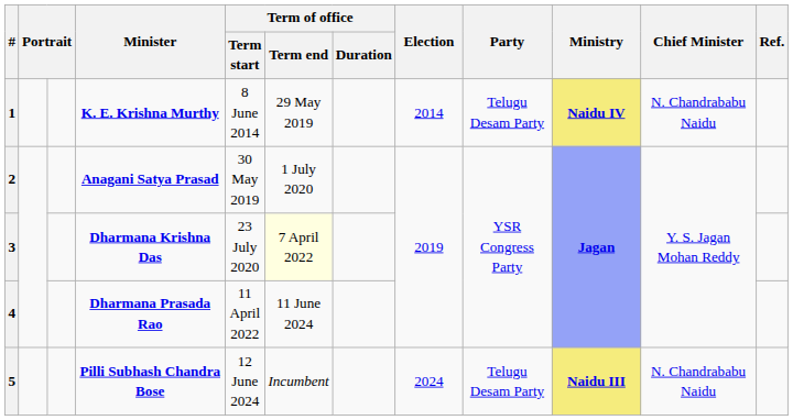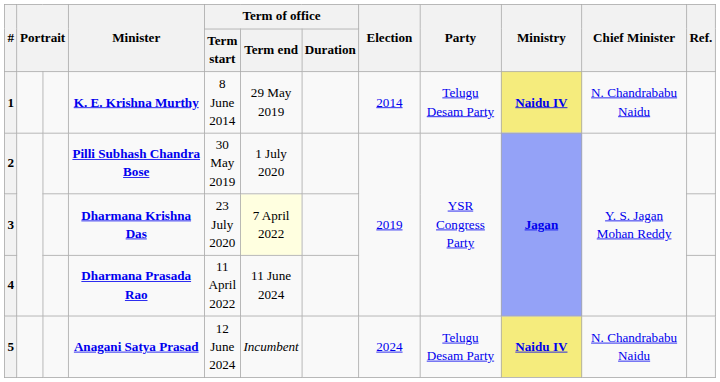 <table class="wikitable" style="line-height:1.4em; text-align:center">
 <tr>
 <th rowspan=2>#</th>
 <th rowspan=2 colspan="2">Portrait</th>
 <th rowspan=2 style="width:16em">Minister<br></th>
 <th colspan="3">Term of office</th>
 <th rowspan=2 style="width:5em">Election<br></th>
 <th rowspan=2 style="width:8em">Party</th>
 <th rowspan=2 style="width:8em">Ministry</th>
 <th rowspan=2 style="width:10em">Chief Minister</th>
 <th rowspan=2>Ref.</th>
 </tr>
 <tr>
 <th>Term start</th>
 <th>Term end</th>
 <th>Duration</th>
 </tr>
 <tr>
 <th>1</th>
 <td></td>
 <td></td>
 <td><strong><a href='#'>K. E. Krishna Murthy</a></strong><br></td>
 <td>8 June 2014</td>
 <td>29 May 2019</td>
 <td><strong></strong></td>
 <td><a href='#'>2014</a><br></td>
 <td><a href='#'>Telugu Desam Party</a></td>
 <td bgcolor="#F5EC7D"><strong><a href='#'>Naidu IV</a></strong></td>
 <td><a href='#'>N. Chandrababu Naidu</a></td>
 <td></td>
 </tr>
 <tr>
 <th>2</th>
 <td rowspan=3></td>
 <td></td>
-<td><strong><a href='#'>Anagani Satya Prasad</a></strong><br></td>
+<td><strong><a href='#'>Pilli Subhash Chandra Bose</a></strong><br></td>
 <td>30 May 2019</td>
 <td>1 July 2020</td>
 <td><strong></strong></td>
 <td rowspan=3><a href='#'>2019</a><br></td>
 <td rowspan="3"><a href='#'>YSR Congress Party</a></td>
 <td rowspan=3 bgcolor="#94A2F7"><strong><a href='#'>Jagan</a></strong></td>
 <td rowspan="3"><a href='#'>Y. S. Jagan Mohan Reddy</a></td>
 <td></td>
 </tr>
 <tr>
 <th>3</th>
 <td></td>
 <td><strong><a href='#'>Dharmana Krishna Das</a></strong><br></td>
 <td>23 July 2020</td>
 <td style="background: lightyellow;">7 April 2022</td>
 <td><strong></strong></td>
 <td></td>
 </tr>
 <tr>
 <th>4</th>
 <td></td>
 <td><strong><a href='#'>Dharmana Prasada Rao</a></strong><br></td>
 <td>11 April 2022</td>
 <td>11 June 2024</td>
 <td><strong></strong></td>
 <td></td>
 </tr>
 <tr>
 <th>5</th>
 <td></td>
 <td></td>
-<td><strong><a href='#'>Pilli Subhash Chandra Bose</a></strong><br></td>
+<td><strong><a href='#'>Anagani Satya Prasad</a></strong><br></td>
 <td>12 June 2024</td>
 <td><em>Incumbent</em></td>
 <td><strong></strong></td>
 <td><a href='#'>2024</a><br></td>
 <td><a href='#'>Telugu Desam Party</a></td>
-<td bgcolor="#F5EC7D"><strong><a href='#'>Naidu III</a></strong></td>
+<td bgcolor="#F5EC7D"><strong><a href='#'>Naidu IV</a></strong></td>
 <td><a href='#'>N. Chandrababu Naidu</a></td>
 <td></td>
 </tr>
 </table>
